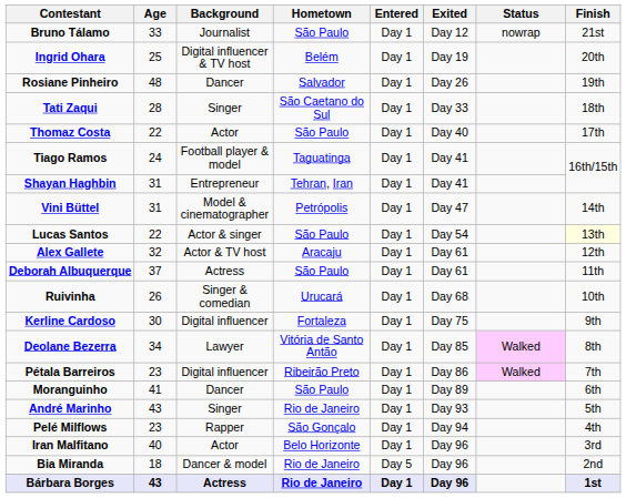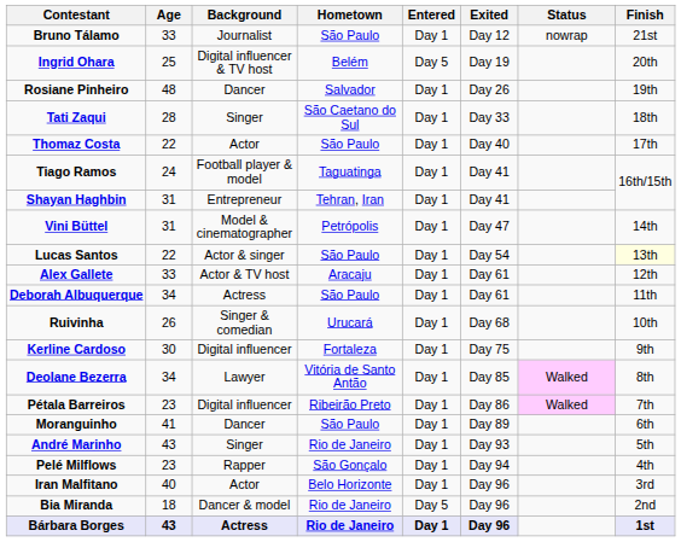 <table class= "wikitable sortable" style="text-align: center; margin:auto; align: center">
 <tr>
 <th width=150>Contestant</th>
 <th width=050>Age</th>
 <th width=125>Background </th>
 <th width=125>Hometown</th>
 <th width=065>Entered</th>
 <th width=065>Exited</th>
 <th width=115>Status</th>
 <th width=050>Finish</th>
 </tr>
 <tr>
 <td><strong>Bruno Tálamo</strong></td>
 <td>33</td>
 <td>Journalist</td>
 <td><a href='#'>São Paulo</a></td>
 <td>Day 1</td>
 <td>Day 12</td>
 <td>nowrap </td>
 <td>21st</td>
 </tr>
 <tr>
 <td><strong><a href='#'>Ingrid Ohara</a></strong></td>
 <td>25</td>
 <td>Digital influencer & TV host</td>
 <td><a href='#'>Belém</a></td>
-<td>Day 1</td>
+<td>Day 5</td>
 <td>Day 19</td>
 <td></td>
 <td>20th</td>
 </tr>
 <tr>
 <td><strong>Rosiane Pinheiro</strong></td>
 <td>48</td>
 <td>Dancer</td>
 <td><a href='#'>Salvador</a></td>
 <td>Day 1</td>
 <td>Day 26</td>
 <td></td>
 <td>19th</td>
 </tr>
 <tr>
 <td><strong><a href='#'>Tati Zaqui</a></strong></td>
 <td>28</td>
 <td>Singer</td>
 <td><a href='#'>São Caetano do Sul</a></td>
 <td>Day 1</td>
 <td>Day 33</td>
 <td></td>
 <td>18th</td>
 </tr>
 <tr>
 <td><strong><a href='#'>Thomaz Costa</a></strong></td>
 <td>22</td>
 <td>Actor</td>
 <td><a href='#'>São Paulo</a></td>
 <td>Day 1</td>
 <td>Day 40</td>
 <td></td>
 <td>17th</td>
 </tr>
 <tr>
 <td><strong>Tiago Ramos</strong></td>
 <td>24</td>
 <td>Football player & model</td>
 <td><a href='#'>Taguatinga</a></td>
 <td>Day 1</td>
 <td>Day 41</td>
 <td></td>
 <td rowspan=2>16th/15th</td>
 </tr>
 <tr>
 <td><strong><a href='#'>Shayan Haghbin</a></strong></td>
 <td>31</td>
 <td>Entrepreneur</td>
 <td><a href='#'>Tehran</a>, <a href='#'>Iran</a></td>
 <td>Day 1</td>
 <td>Day 41</td>
 <td></td>
 </tr>
 <tr>
 <td><strong><a href='#'>Vini Büttel</a></strong></td>
 <td>31</td>
 <td>Model & cinematographer</td>
 <td><a href='#'>Petrópolis</a></td>
 <td>Day 1</td>
 <td>Day 47</td>
 <td></td>
 <td>14th</td>
 </tr>
 <tr>
 <td><strong>Lucas Santos</strong></td>
 <td>22</td>
 <td>Actor & singer</td>
 <td><a href='#'>São Paulo</a></td>
 <td>Day 1</td>
 <td>Day 54</td>
 <td></td>
 <td style="background: lightyellow;">13th</td>
 </tr>
 <tr>
 <td><strong><a href='#'>Alex Gallete</a></strong></td>
-<td>32</td>
+<td>33</td>
 <td>Actor & TV host</td>
 <td><a href='#'>Aracaju</a></td>
 <td>Day 1</td>
 <td>Day 61</td>
 <td></td>
 <td>12th</td>
 </tr>
 <tr>
 <td nowrap><strong><a href='#'>Deborah Albuquerque</a></strong></td>
-<td>37</td>
+<td>34</td>
 <td>Actress</td>
 <td><a href='#'>São Paulo</a></td>
 <td>Day 1</td>
 <td>Day 61</td>
 <td></td>
 <td>11th</td>
 </tr>
 <tr>
 <td><strong>Ruivinha </strong> </td>
 <td>26</td>
 <td>Singer & comedian</td>
 <td><a href='#'>Urucará</a></td>
 <td>Day 1</td>
 <td>Day 68</td>
 <td></td>
 <td>10th</td>
 </tr>
 <tr>
 <td><strong><a href='#'>Kerline Cardoso</a></strong></td>
 <td>30</td>
 <td>Digital influencer</td>
 <td><a href='#'>Fortaleza</a></td>
 <td>Day 1</td>
 <td>Day 75</td>
 <td></td>
 <td>9th</td>
 </tr>
 <tr>
 <td><strong><a href='#'>Deolane Bezerra</a></strong></td>
 <td>34</td>
 <td>Lawyer</td>
 <td><a href='#'>Vitória de Santo Antão</a></td>
 <td>Day 1</td>
 <td>Day 85</td>
 <td bgcolor=FFCCFF>Walked<br></td>
 <td>8th</td>
 </tr>
 <tr>
 <td><strong>Pétala Barreiros</strong></td>
 <td>23</td>
 <td>Digital influencer</td>
 <td><a href='#'>Ribeirão Preto</a></td>
 <td>Day 1</td>
 <td>Day 86</td>
 <td bgcolor=FFCCFF>Walked<br></td>
 <td>7th</td>
 </tr>
 <tr>
 <td><strong>Moranguinho</strong> </td>
 <td>41</td>
 <td>Dancer</td>
 <td><a href='#'>São Paulo</a></td>
 <td>Day 1</td>
 <td>Day 89</td>
 <td></td>
 <td>6th</td>
 </tr>
 <tr>
 <td><strong><a href='#'>André Marinho</a></strong></td>
 <td>43</td>
 <td>Singer</td>
 <td><a href='#'>Rio de Janeiro</a></td>
 <td>Day 1</td>
 <td>Day 93</td>
 <td></td>
 <td>5th</td>
 </tr>
 <tr>
 <td><strong>Pelé Milflows</strong></td>
 <td>23</td>
 <td>Rapper</td>
 <td><a href='#'>São Gonçalo</a></td>
 <td>Day 1</td>
 <td>Day 94</td>
 <td></td>
 <td>4th</td>
 </tr>
 <tr>
 <td><strong>Iran Malfitano</strong></td>
 <td>40</td>
 <td>Actor</td>
 <td><a href='#'>Belo Horizonte</a></td>
 <td>Day 1</td>
 <td>Day 96</td>
 <td></td>
 <td>3rd</td>
 </tr>
 <tr>
 <td><strong>Bia Miranda</strong></td>
 <td>18</td>
 <td>Dancer & model</td>
 <td><a href='#'>Rio de Janeiro</a></td>
 <td>Day 5</td>
 <td>Day 96</td>
 <td><br></td>
 <td>2nd</td>
 </tr>
 <tr>
 <td bgcolor="E6E6FA"><strong>Bárbara Borges</strong></td>
 <td bgcolor="E6E6FA"><strong>43</strong></td>
 <td bgcolor="E6E6FA"><strong>Actress</strong></td>
 <td bgcolor="E6E6FA"><strong><a href='#'>Rio de Janeiro</a></strong></td>
 <td bgcolor="E6E6FA"><strong>Day 1</strong></td>
 <td bgcolor="E6E6FA"><strong>Day 96</strong></td>
 <td></td>
 <td bgcolor="E6E6FA"><strong>1st</strong></td>
 </tr>
 </table>
